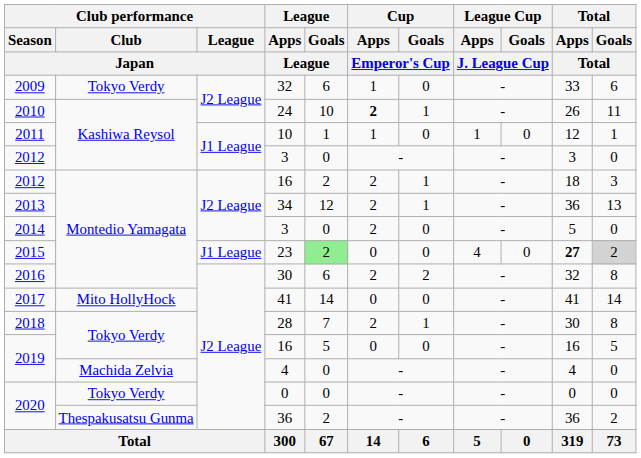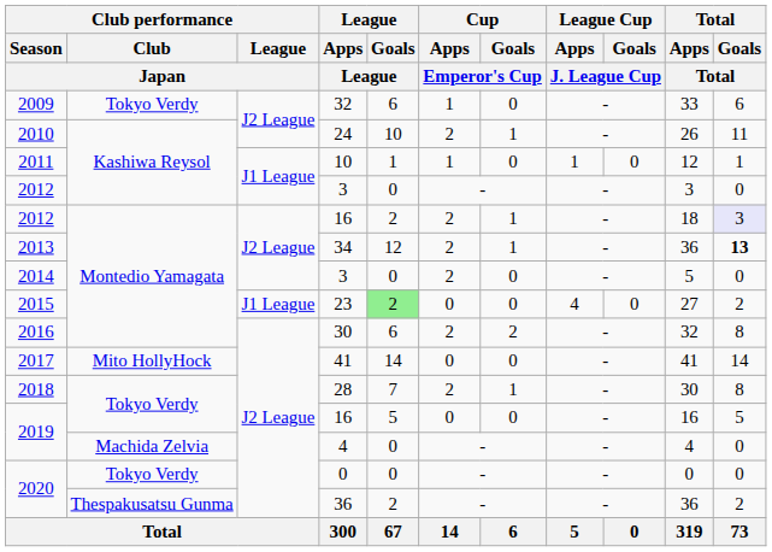 <table class="wikitable" style="text-align:center;">
 <tr>
 <th colspan=3>Club performance</th>
 <th colspan=2>League</th>
 <th colspan=2>Cup</th>
 <th colspan=2>League Cup</th>
 <th colspan=2>Total</th>
 </tr>
 <tr>
 <th>Season</th>
 <th>Club</th>
 <th>League</th>
 <th>Apps</th>
 <th>Goals</th>
 <th>Apps</th>
 <th>Goals</th>
 <th>Apps</th>
 <th>Goals</th>
 <th>Apps</th>
 <th>Goals</th>
 </tr>
 <tr>
 <th colspan=3>Japan</th>
 <th colspan=2>League</th>
 <th colspan=2><a href='#'>Emperor's Cup</a></th>
 <th colspan=2><a href='#'>J. League Cup</a></th>
 <th colspan=2>Total</th>
 </tr>
 <tr>
 <td><a href='#'>2009</a></td>
 <td><a href='#'>Tokyo Verdy</a></td>
 <td rowspan="2"><a href='#'>J2 League</a></td>
 <td>32</td>
 <td>6</td>
 <td>1</td>
 <td>0</td>
 <td colspan="2">-</td>
 <td>33</td>
 <td>6</td>
 </tr>
 <tr>
 <td><a href='#'>2010</a></td>
 <td rowspan="3"><a href='#'>Kashiwa Reysol</a></td>
 <td>24</td>
 <td>10</td>
-<td><strong>2</strong></td>
+<td>2</td>
 <td>1</td>
 <td colspan="2">-</td>
 <td>26</td>
 <td>11</td>
 </tr>
 <tr>
 <td><a href='#'>2011</a></td>
 <td rowspan="2"><a href='#'>J1 League</a></td>
 <td>10</td>
 <td>1</td>
 <td>1</td>
 <td>0</td>
 <td>1</td>
 <td>0</td>
 <td>12</td>
 <td>1</td>
 </tr>
 <tr>
 <td><a href='#'>2012</a></td>
 <td>3</td>
 <td>0</td>
 <td colspan="2">-</td>
 <td colspan="2">-</td>
 <td>3</td>
 <td>0</td>
 </tr>
 <tr>
 <td><a href='#'>2012</a></td>
 <td rowspan="5"><a href='#'>Montedio Yamagata</a></td>
 <td rowspan="3"><a href='#'>J2 League</a></td>
 <td>16</td>
 <td>2</td>
 <td>2</td>
 <td>1</td>
 <td colspan="2">-</td>
 <td>18</td>
-<td>3</td>
+<td style="background: lavender;">3</td>
 </tr>
 <tr>
 <td><a href='#'>2013</a></td>
 <td>34</td>
 <td>12</td>
 <td>2</td>
 <td>1</td>
 <td colspan="2">-</td>
 <td>36</td>
-<td>13</td>
+<td><strong>13</strong></td>
 </tr>
 <tr>
 <td><a href='#'>2014</a></td>
 <td>3</td>
 <td>0</td>
 <td>2</td>
 <td>0</td>
 <td colspan="2">-</td>
 <td>5</td>
 <td>0</td>
 </tr>
 <tr>
 <td><a href='#'>2015</a></td>
 <td><a href='#'>J1 League</a></td>
 <td>23</td>
 <td style="background: lightgreen;">2</td>
 <td>0</td>
 <td>0</td>
 <td>4</td>
 <td>0</td>
-<td><strong>27</strong></td>
-<td style="background: lightgrey;">2</td>
+<td>27</td>
+<td>2</td>
 </tr>
 <tr>
 <td><a href='#'>2016</a></td>
 <td rowspan="7"><a href='#'>J2 League</a></td>
 <td>30</td>
 <td>6</td>
 <td>2</td>
 <td>2</td>
 <td colspan="2">-</td>
 <td>32</td>
 <td>8</td>
 </tr>
 <tr>
 <td><a href='#'>2017</a></td>
 <td><a href='#'>Mito HollyHock</a></td>
 <td>41</td>
 <td>14</td>
 <td>0</td>
 <td>0</td>
 <td colspan="2">-</td>
 <td>41</td>
 <td>14</td>
 </tr>
 <tr>
 <td><a href='#'>2018</a></td>
 <td rowspan="2"><a href='#'>Tokyo Verdy</a></td>
 <td>28</td>
 <td>7</td>
 <td>2</td>
 <td>1</td>
 <td colspan="2">-</td>
 <td>30</td>
 <td>8</td>
 </tr>
 <tr>
 <td rowspan="2"><a href='#'>2019</a></td>
 <td>16</td>
 <td>5</td>
 <td>0</td>
 <td>0</td>
 <td colspan="2">-</td>
 <td>16</td>
 <td>5</td>
 </tr>
 <tr>
 <td><a href='#'>Machida Zelvia</a></td>
 <td>4</td>
 <td>0</td>
 <td colspan="2">-</td>
 <td colspan="2">-</td>
 <td>4</td>
 <td>0</td>
 </tr>
 <tr>
 <td rowspan="2"><a href='#'>2020</a></td>
 <td><a href='#'>Tokyo Verdy</a></td>
 <td>0</td>
 <td>0</td>
 <td colspan="2">-</td>
 <td colspan="2">-</td>
 <td>0</td>
 <td>0</td>
 </tr>
 <tr>
 <td><a href='#'>Thespakusatsu Gunma</a></td>
 <td>36</td>
 <td>2</td>
 <td colspan="2">-</td>
 <td colspan="2">-</td>
 <td>36</td>
 <td>2</td>
 </tr>
 <tr>
 <th colspan=3>Total</th>
 <th>300</th>
 <th>67</th>
 <th>14</th>
 <th>6</th>
 <th>5</th>
 <th>0</th>
 <th>319</th>
 <th>73</th>
 </tr>
 </table>
